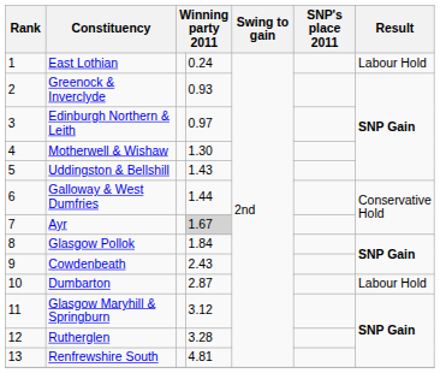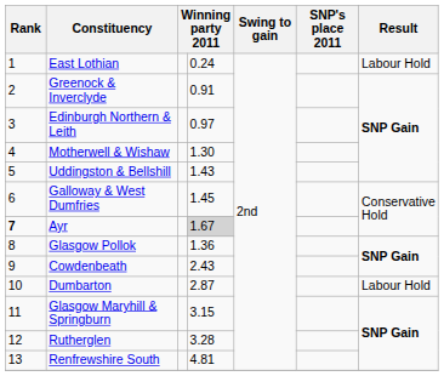 <table class="wikitable" style="width:550px">
 <tr>
 <th style="width:50px;">Rank</th>
 <th style="width:225px;">Constituency</th>
 <th colspan="2" style="width:175px;">Winning party 2011</th>
 <th style="width:100px;">Swing to gain</th>
 <th style="width:100px;">SNP's place 2011</th>
 <th colspan="2" style="width:175px;">Result</th>
 </tr>
 <tr>
 <td>1</td>
 <td><a href='#'>East Lothian</a></td>
 <td></td>
 <td>0.24</td>
 <td rowspan="13">2nd</td>
 <td style="background-color: "></td>
 <td>Labour Hold</td>
 </tr>
 <tr>
 <td>2</td>
 <td><a href='#'>Greenock & Inverclyde</a></td>
 <td></td>
-<td>0.93</td>
+<td>0.91</td>
 <td style="background-color: "></td>
 <td rowspan="4"><strong>SNP Gain</strong></td>
 </tr>
 <tr>
 <td>3</td>
 <td><a href='#'>Edinburgh Northern & Leith</a></td>
 <td></td>
 <td>0.97</td>
 <td style="background-color: "></td>
 </tr>
 <tr>
 <td>4</td>
 <td><a href='#'>Motherwell & Wishaw</a></td>
 <td></td>
 <td>1.30</td>
 <td style="background-color: "></td>
 </tr>
 <tr>
 <td>5</td>
 <td><a href='#'>Uddingston & Bellshill</a></td>
 <td></td>
 <td>1.43</td>
 <td style="background-color: "></td>
 </tr>
 <tr>
 <td>6</td>
 <td><a href='#'>Galloway & West Dumfries</a></td>
 <td></td>
-<td>1.44</td>
+<td>1.45</td>
 <td style="background-color: "></td>
 <td rowspan="2">Conservative Hold</td>
 </tr>
 <tr>
-<td>7</td>
+<td><strong>7</strong></td>
 <td><a href='#'>Ayr</a></td>
 <td></td>
 <td style="background: lightgrey;">1.67</td>
 <td style="background-color: "></td>
 </tr>
 <tr>
 <td>8</td>
 <td><a href='#'>Glasgow Pollok</a></td>
 <td></td>
-<td>1.84</td>
+<td>1.36</td>
 <td style="background-color: "></td>
 <td rowspan="2"><strong>SNP Gain</strong></td>
 </tr>
 <tr>
 <td>9</td>
 <td><a href='#'>Cowdenbeath</a></td>
 <td></td>
 <td>2.43</td>
 <td style="background-color: "></td>
 </tr>
 <tr>
 <td>10</td>
 <td><a href='#'>Dumbarton</a></td>
 <td></td>
 <td>2.87</td>
 <td style="background-color: "></td>
 <td>Labour Hold</td>
 </tr>
 <tr>
 <td>11</td>
 <td><a href='#'>Glasgow Maryhill & Springburn</a></td>
 <td></td>
-<td>3.12</td>
+<td>3.15</td>
 <td style="background-color: "></td>
 <td rowspan="3"><strong>SNP Gain</strong></td>
 </tr>
 <tr>
 <td>12</td>
 <td><a href='#'>Rutherglen</a></td>
 <td></td>
 <td>3.28</td>
 <td style="background-color: "></td>
 </tr>
 <tr>
 <td>13</td>
 <td><a href='#'>Renfrewshire South</a></td>
 <td></td>
 <td>4.81</td>
 <td style="background-color: "></td>
 </tr>
 <tr>
 </tr>
 </table>
